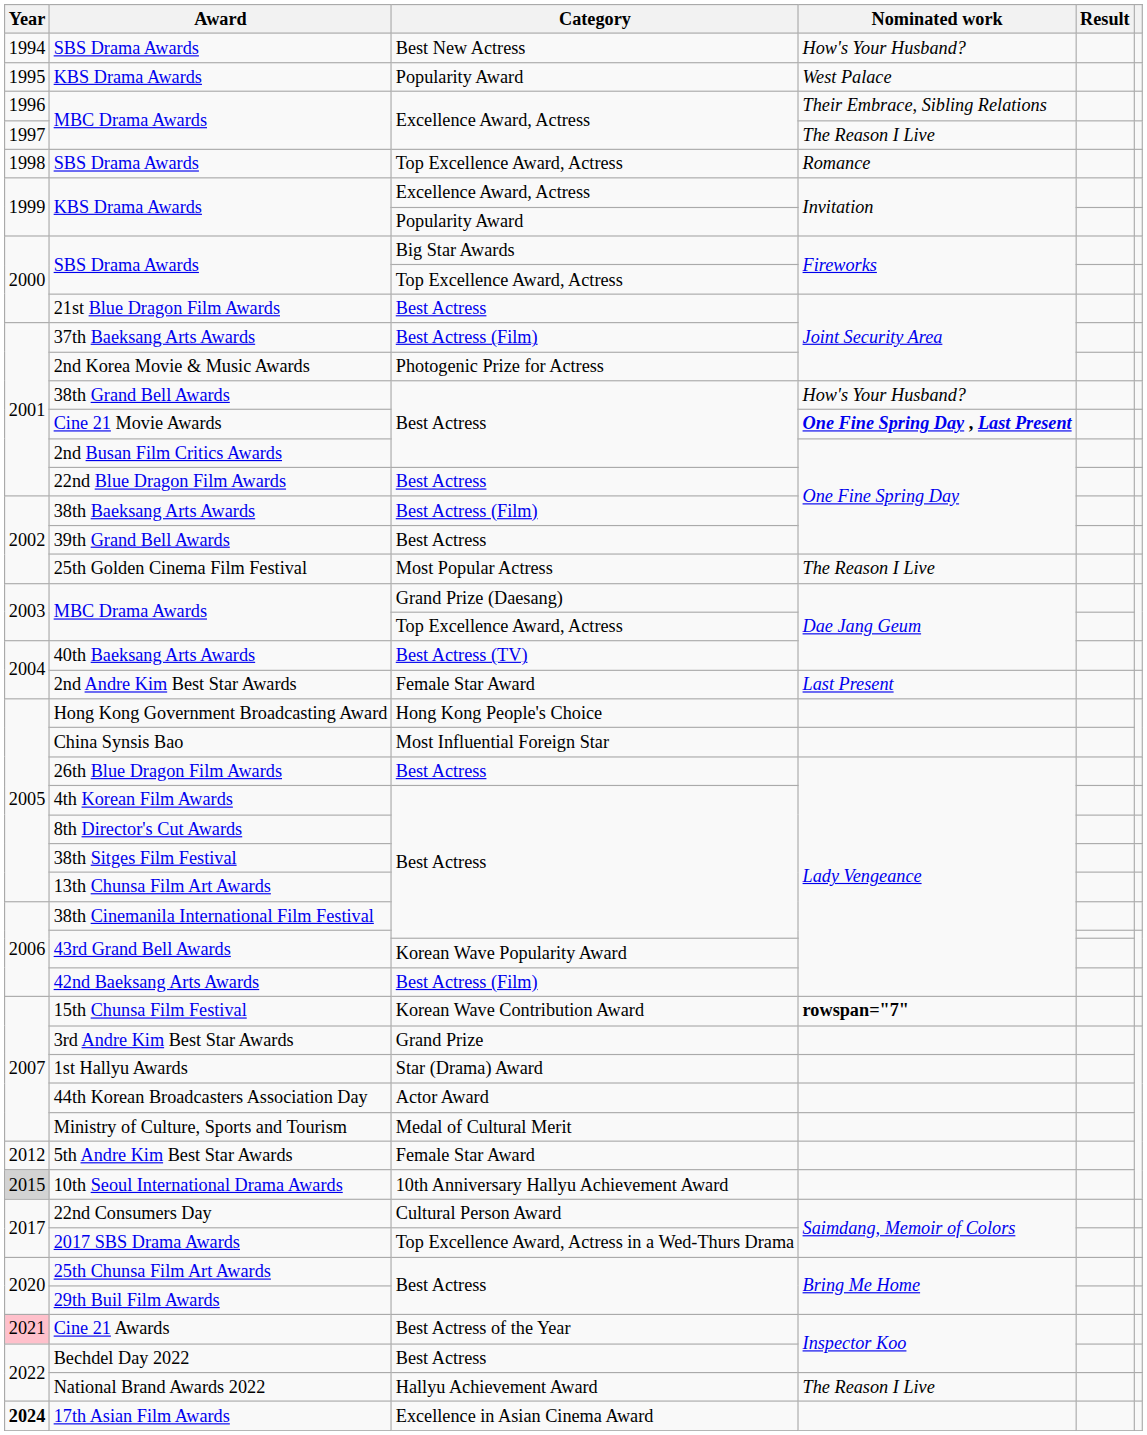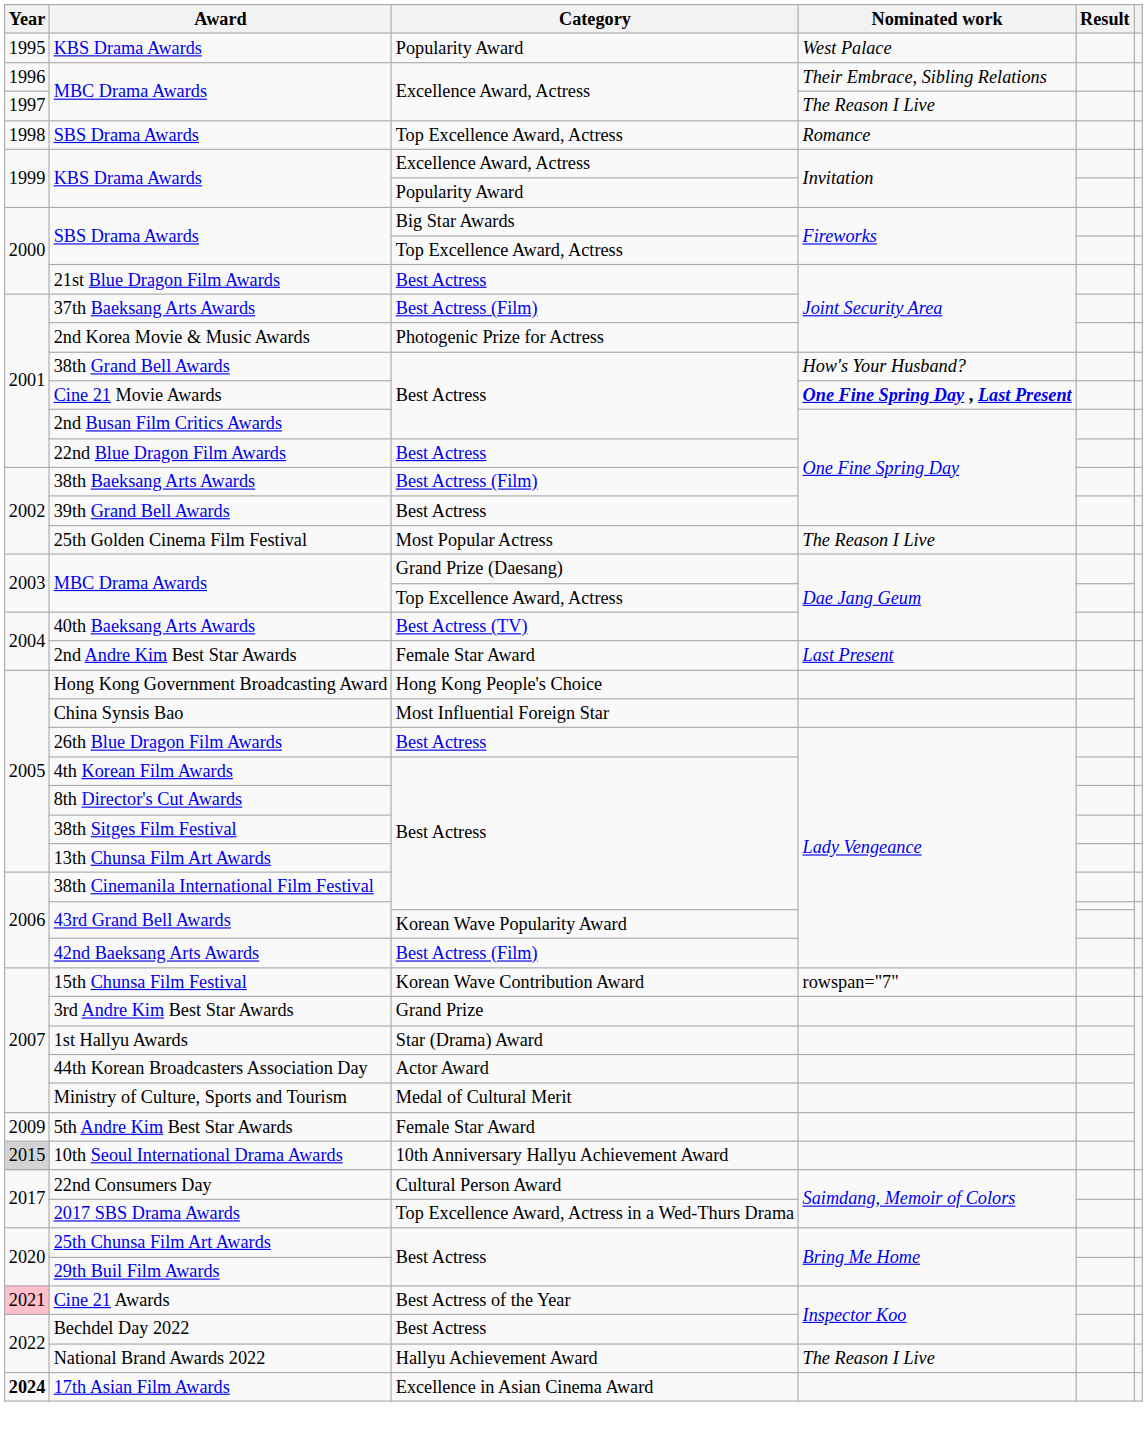 <table class="wikitable sortable">
 <tr>
 <th scope="col">Year</th>
 <th>Award</th>
 <th scope="col">Category</th>
 <th>Nominated work</th>
 <th scope="col">Result</th>
 <th scope="col" class="unsortable"></th>
-</tr>
-<tr>
-<td>1994</td>
-<td><a href='#'>SBS Drama Awards</a></td>
-<td>Best New Actress</td>
-<td><em>How's Your Husband?</em></td>
-<td></td>
-<td></td>
 </tr>
 <tr>
 <td>1995</td>
 <td><a href='#'>KBS Drama Awards</a></td>
 <td>Popularity Award</td>
 <td><em>West Palace</em></td>
 <td></td>
 <td></td>
 </tr>
 <tr>
 <td>1996</td>
 <td rowspan="2"><a href='#'>MBC Drama Awards</a></td>
 <td rowspan="2">Excellence Award, Actress</td>
 <td><em>Their Embrace</em>, <em>Sibling Relations</em></td>
 <td></td>
 <td></td>
 </tr>
 <tr>
 <td>1997</td>
 <td><em>The Reason I Live</em></td>
 <td></td>
 <td></td>
 </tr>
 <tr>
 <td>1998</td>
 <td><a href='#'>SBS Drama Awards</a></td>
 <td>Top Excellence Award, Actress</td>
 <td><em>Romance</em></td>
 <td></td>
 <td></td>
 </tr>
 <tr>
 <td rowspan="2">1999</td>
 <td rowspan="2"><a href='#'>KBS Drama Awards</a></td>
 <td>Excellence Award, Actress</td>
 <td rowspan="2"><em>Invitation</em></td>
 <td></td>
 <td></td>
 </tr>
 <tr>
 <td>Popularity Award</td>
 <td></td>
 <td></td>
 </tr>
 <tr>
 <td rowspan="3">2000</td>
 <td rowspan="2"><a href='#'>SBS Drama Awards</a></td>
 <td>Big Star Awards</td>
 <td rowspan="2"><em><a href='#'>Fireworks</a></em></td>
 <td></td>
 <td></td>
 </tr>
 <tr>
 <td>Top Excellence Award, Actress</td>
 <td></td>
 <td></td>
 </tr>
 <tr>
 <td>21st <a href='#'>Blue Dragon Film Awards</a></td>
 <td><a href='#'>Best Actress</a></td>
 <td rowspan="3"><em><a href='#'>Joint Security Area</a></em></td>
 <td></td>
 <td></td>
 </tr>
 <tr>
 <td rowspan="6">2001</td>
 <td>37th <a href='#'>Baeksang Arts Awards</a></td>
 <td><a href='#'>Best Actress (Film)</a></td>
 <td></td>
 <td></td>
 </tr>
 <tr>
 <td>2nd Korea Movie & Music Awards</td>
 <td>Photogenic Prize for Actress</td>
 <td></td>
 <td></td>
 </tr>
 <tr>
 <td>38th <a href='#'>Grand Bell Awards</a></td>
 <td rowspan="3">Best Actress</td>
 <td><em>How's Your Husband?</em></td>
 <td></td>
 <td></td>
 </tr>
 <tr>
 <td><a href='#'>Cine 21</a> Movie Awards</td>
 <td><strong><em><a href='#'>One Fine Spring Day</a></em> , <em><a href='#'>Last Present</a></em></strong></td>
 <td></td>
 <td></td>
 </tr>
 <tr>
 <td>2nd <a href='#'>Busan Film Critics Awards</a></td>
 <td rowspan="4"><em><a href='#'>One Fine Spring Day</a></em></td>
 <td></td>
 <td></td>
 </tr>
 <tr>
 <td>22nd <a href='#'>Blue Dragon Film Awards</a></td>
 <td><a href='#'>Best Actress</a></td>
 <td></td>
 <td></td>
 </tr>
 <tr>
 <td rowspan="3">2002</td>
 <td>38th <a href='#'>Baeksang Arts Awards</a></td>
 <td><a href='#'>Best Actress (Film)</a></td>
 <td></td>
 <td></td>
 </tr>
 <tr>
 <td>39th <a href='#'>Grand Bell Awards</a></td>
 <td>Best Actress</td>
 <td></td>
 <td></td>
 </tr>
 <tr>
 <td>25th Golden Cinema Film Festival</td>
 <td>Most Popular Actress</td>
 <td><em>The Reason I Live</em></td>
 <td></td>
 <td></td>
 </tr>
 <tr>
 <td rowspan="2">2003</td>
 <td rowspan="2"><a href='#'>MBC Drama Awards</a></td>
 <td>Grand Prize (Daesang)</td>
 <td rowspan="3"><em><a href='#'>Dae Jang Geum</a></em></td>
 <td></td>
 <td rowspan="2"></td>
 </tr>
 <tr>
 <td>Top Excellence Award, Actress</td>
 <td></td>
 </tr>
 <tr>
 <td rowspan="2">2004</td>
 <td>40th <a href='#'>Baeksang Arts Awards</a></td>
 <td><a href='#'>Best Actress (TV)</a></td>
 <td></td>
 <td></td>
 </tr>
 <tr>
 <td>2nd <a href='#'>Andre Kim</a> Best Star Awards</td>
 <td>Female Star Award</td>
 <td><em><a href='#'>Last Present</a></em></td>
 <td></td>
 <td></td>
 </tr>
 <tr>
 <td rowspan="7">2005</td>
 <td>Hong Kong Government Broadcasting Award</td>
 <td>Hong Kong People's Choice</td>
 <td></td>
 <td></td>
 </tr>
 <tr>
 <td>China Synsis Bao</td>
 <td>Most Influential Foreign Star</td>
 <td></td>
 <td></td>
 </tr>
 <tr>
 <td>26th <a href='#'>Blue Dragon Film Awards</a></td>
 <td><a href='#'>Best Actress</a></td>
 <td rowspan="9"><em><a href='#'>Lady Vengeance</a></em></td>
 <td></td>
 <td></td>
 </tr>
 <tr>
 <td>4th <a href='#'>Korean Film Awards</a></td>
 <td rowspan="6">Best Actress</td>
 <td></td>
 <td></td>
 </tr>
 <tr>
 <td>8th <a href='#'>Director's Cut Awards</a></td>
 <td></td>
 <td></td>
 </tr>
 <tr>
 <td>38th <a href='#'>Sitges Film Festival</a></td>
 <td></td>
 <td></td>
 </tr>
 <tr>
 <td>13th <a href='#'>Chunsa Film Art Awards</a></td>
 <td></td>
 <td></td>
 </tr>
 <tr>
 <td rowspan="4">2006</td>
 <td>38th <a href='#'>Cinemanila International Film Festival</a></td>
 <td></td>
 <td></td>
 </tr>
 <tr>
 <td rowspan="2"><a href='#'>43rd Grand Bell Awards</a></td>
 <td></td>
 <td rowspan="2"></td>
 </tr>
 <tr>
 <td>Korean Wave Popularity Award</td>
 <td></td>
 </tr>
 <tr>
 <td><a href='#'>42nd Baeksang Arts Awards</a></td>
 <td><a href='#'>Best Actress (Film)</a></td>
 <td></td>
 <td></td>
 </tr>
 <tr>
 <td rowspan="5">2007</td>
 <td>15th <a href='#'>Chunsa Film Festival</a></td>
 <td>Korean Wave Contribution Award</td>
-<td><strong>rowspan="7" </strong></td>
+<td>rowspan="7" </td>
 <td></td>
 <td></td>
 </tr>
 <tr>
 <td>3rd <a href='#'>Andre Kim</a> Best Star Awards</td>
 <td>Grand Prize</td>
 <td></td>
 <td></td>
 </tr>
 <tr>
 <td>1st Hallyu Awards</td>
 <td>Star (Drama) Award</td>
 <td></td>
 <td></td>
 </tr>
 <tr>
 <td>44th Korean Broadcasters Association Day</td>
 <td>Actor Award</td>
 <td></td>
 <td></td>
 </tr>
 <tr>
 <td>Ministry of Culture, Sports and Tourism</td>
 <td>Medal of Cultural Merit</td>
 <td></td>
 <td></td>
 </tr>
 <tr>
-<td>2012</td>
+<td>2009</td>
 <td>5th <a href='#'>Andre Kim</a> Best Star Awards</td>
 <td>Female Star Award</td>
 <td></td>
 <td></td>
 </tr>
 <tr>
 <td style="background: lightgrey;">2015</td>
 <td>10th <a href='#'>Seoul International Drama Awards</a></td>
 <td>10th Anniversary Hallyu Achievement Award</td>
 <td></td>
 <td></td>
 </tr>
 <tr>
 <td rowspan="2">2017</td>
 <td>22nd Consumers Day</td>
 <td>Cultural Person Award</td>
 <td rowspan="2"><em><a href='#'>Saimdang, Memoir of Colors</a></em></td>
 <td></td>
 <td></td>
 </tr>
 <tr>
 <td><a href='#'>2017 SBS Drama Awards</a></td>
 <td>Top Excellence Award, Actress in a Wed-Thurs Drama</td>
 <td></td>
 <td></td>
 </tr>
 <tr>
 <td rowspan="2">2020</td>
 <td><a href='#'>25th Chunsa Film Art Awards</a></td>
 <td rowspan="2">Best Actress</td>
 <td rowspan="2"><em><a href='#'>Bring Me Home</a></em></td>
 <td></td>
 <td></td>
 </tr>
 <tr>
 <td><a href='#'>29th Buil Film Awards</a></td>
 <td></td>
 <td></td>
 </tr>
 <tr>
 <td style="background: pink;">2021</td>
 <td><a href='#'>Cine 21</a> Awards</td>
 <td>Best Actress of the Year</td>
 <td rowspan="2"><em><a href='#'>Inspector Koo</a></em></td>
 <td></td>
 <td></td>
 </tr>
 <tr>
 <td rowspan="2">2022</td>
 <td>Bechdel Day 2022</td>
 <td>Best Actress</td>
 <td></td>
 <td></td>
 </tr>
 <tr>
 <td>National Brand Awards 2022</td>
 <td>Hallyu Achievement Award</td>
 <td><em>The Reason I Live</em></td>
 <td></td>
 <td></td>
 </tr>
 <tr>
 <td><strong>2024</strong></td>
 <td><a href='#'>17th Asian Film Awards</a></td>
 <td>Excellence in Asian Cinema Award</td>
 <td></td>
 <td></td>
 </tr>
 </table>
